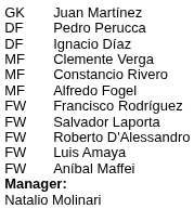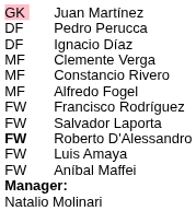 <table cellspacing="0" cellpadding="0" style="font-size:90%; margin:0.2em auto;">
 <tr>
 <th width="25"></th>
 <th width="25"></th>
 </tr>
 <tr>
-<td>GK</td>
+<td style="background: pink;">GK</td>
 <td></td>
 <td> Juan Martínez</td>
 </tr>
 <tr>
 <td>DF</td>
 <td></td>
 <td> Pedro Perucca</td>
 </tr>
 <tr>
 <td>DF</td>
 <td></td>
 <td> Ignacio Díaz</td>
 </tr>
 <tr>
 <td>MF</td>
 <td></td>
 <td> Clemente Verga</td>
 </tr>
 <tr>
 <td>MF</td>
 <td></td>
 <td> Constancio Rivero</td>
 </tr>
 <tr>
 <td>MF</td>
 <td></td>
 <td> Alfredo Fogel</td>
 </tr>
 <tr>
 <td>FW</td>
 <td></td>
 <td> Francisco Rodríguez</td>
 </tr>
 <tr>
 <td>FW</td>
 <td></td>
 <td> Salvador Laporta</td>
 </tr>
 <tr>
-<td>FW</td>
+<td><strong>FW</strong></td>
 <td></td>
 <td> Roberto D'Alessandro</td>
 </tr>
 <tr>
 <td>FW</td>
 <td></td>
 <td> Luis Amaya</td>
 </tr>
 <tr>
 <td>FW</td>
 <td></td>
 <td> Aníbal Maffei</td>
 </tr>
 <tr>
 <td colspan=3><strong>Manager:</strong></td>
 </tr>
 <tr>
 <td colspan=4> Natalio Molinari</td>
 </tr>
 </table>
